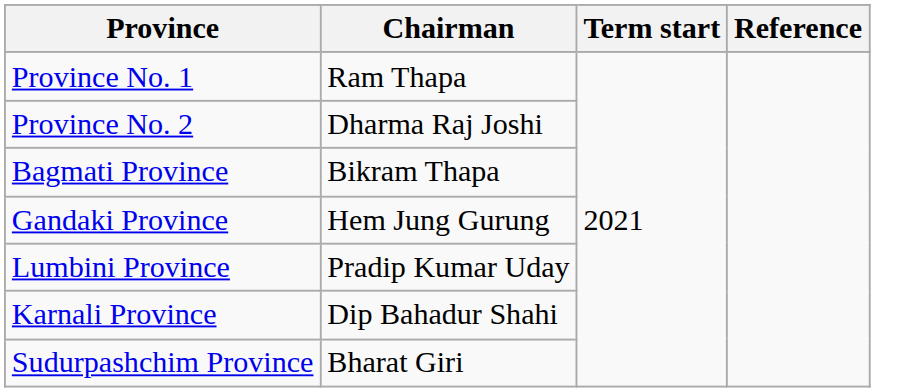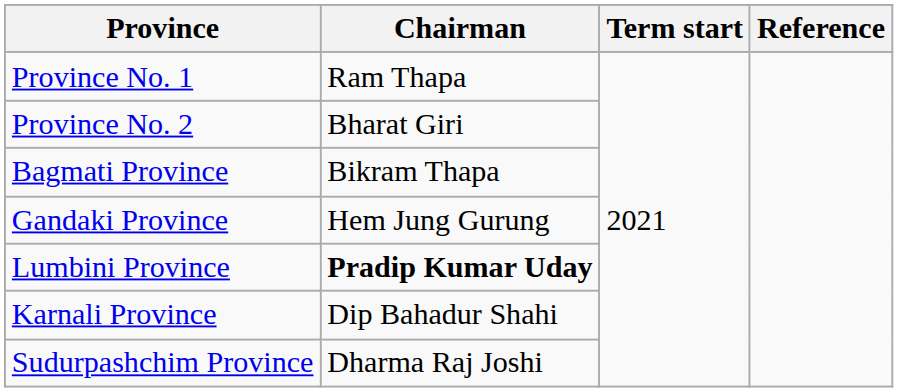 <table class="wikitable">
 <tr>
 <th style="background-color:">Province</th>
 <th style="background-color:">Chairman</th>
 <th style="background-color:">Term start</th>
 <th style="background-color:">Reference</th>
 </tr>
 <tr>
 <td><a href='#'>Province No. 1</a></td>
 <td>Ram Thapa</td>
 <td rowspan="7">2021</td>
 <td rowspan="7"></td>
 </tr>
 <tr>
 <td><a href='#'>Province No. 2</a></td>
-<td>Dharma Raj Joshi</td>
+<td>Bharat Giri</td>
 </tr>
 <tr>
 <td><a href='#'>Bagmati Province</a></td>
 <td>Bikram Thapa</td>
 </tr>
 <tr>
 <td><a href='#'>Gandaki Province</a></td>
 <td>Hem Jung Gurung</td>
 </tr>
 <tr>
 <td><a href='#'>Lumbini Province</a></td>
-<td>Pradip Kumar Uday</td>
+<td><strong>Pradip Kumar Uday</strong></td>
 </tr>
 <tr>
 <td><a href='#'>Karnali Province</a></td>
 <td>Dip Bahadur Shahi</td>
 </tr>
 <tr>
 <td><a href='#'>Sudurpashchim Province</a></td>
-<td>Bharat Giri</td>
+<td>Dharma Raj Joshi</td>
 </tr>
 </table>
